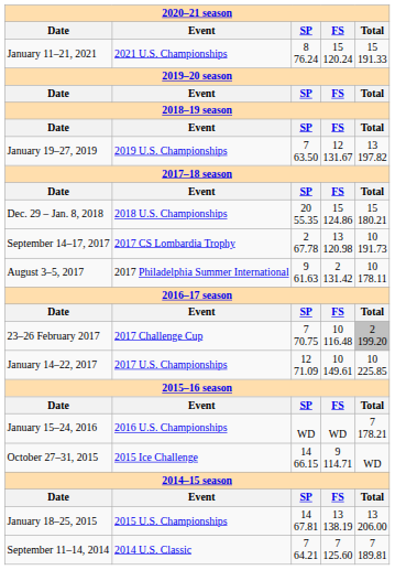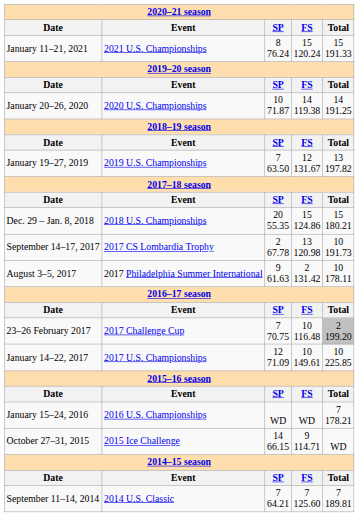 <table class="wikitable">
 <tr>
 <th style="background-color: #ffdead;" colspan=5 align="center"><a href='#'>2020–21 season</a></th>
 </tr>
 <tr>
 <th>Date</th>
 <th>Event</th>
 <th><a href='#'>SP</a></th>
 <th><a href='#'>FS</a></th>
 <th>Total</th>
 </tr>
 <tr>
 <td>January 11–21, 2021</td>
 <td><a href='#'>2021 U.S. Championships</a></td>
 <td align=center>8 <br> 76.24</td>
 <td align=center>15 <br> 120.24</td>
 <td align=center>15 <br> 191.33</td>
 </tr>
 <tr>
 <th style="background-color: #ffdead;" colspan=5 align="center"><a href='#'>2019–20 season</a></th>
 </tr>
 <tr>
 <th>Date</th>
 <th>Event</th>
 <th><a href='#'>SP</a></th>
 <th><a href='#'>FS</a></th>
 <th>Total</th>
+</tr>
+<tr>
+<td>January 20–26, 2020</td>
+<td><a href='#'>2020 U.S. Championships</a></td>
+<td align=center>10 <br> 71.87</td>
+<td align=center>14 <br> 119.38</td>
+<td align=center>14 <br> 191.25</td>
 </tr>
 <tr>
 <th style="background-color: #ffdead;" colspan=5 align="center"><a href='#'>2018–19 season</a></th>
 </tr>
 <tr>
 <th>Date</th>
 <th>Event</th>
 <th><a href='#'>SP</a></th>
 <th><a href='#'>FS</a></th>
 <th>Total</th>
 </tr>
 <tr>
 <td>January 19–27, 2019</td>
 <td><a href='#'>2019 U.S. Championships</a></td>
 <td align=center>7 <br> 63.50</td>
 <td align=center>12 <br> 131.67</td>
 <td align=center>13 <br> 197.82</td>
 </tr>
 <tr>
 <th style="background-color: #ffdead;" colspan=5 align="center"><a href='#'>2017–18 season</a></th>
 </tr>
 <tr>
 <th>Date</th>
 <th>Event</th>
 <th><a href='#'>SP</a></th>
 <th><a href='#'>FS</a></th>
 <th>Total</th>
 </tr>
 <tr>
 <td>Dec. 29 – Jan. 8, 2018</td>
 <td><a href='#'>2018 U.S. Championships</a></td>
 <td align=center>20 <br> 55.35</td>
 <td align=center>15 <br> 124.86</td>
 <td align=center>15 <br> 180.21</td>
 </tr>
 <tr>
 <td>September 14–17, 2017</td>
 <td><a href='#'>2017 CS Lombardia Trophy</a></td>
 <td align=center>2 <br> 67.78</td>
 <td align=center>13 <br> 120.98</td>
 <td align=center>10 <br> 191.73</td>
 </tr>
 <tr>
 <td>August 3–5, 2017</td>
 <td>2017 <a href='#'>Philadelphia Summer International</a></td>
 <td align=center>9 <br> 61.63</td>
 <td align=center>2 <br> 131.42</td>
 <td align="center">10 <br> 178.11</td>
 </tr>
 <tr>
 <th style="background-color: #ffdead;" colspan=5 align="center"><a href='#'>2016–17 season</a></th>
 </tr>
 <tr>
 <th>Date</th>
 <th>Event</th>
 <th><a href='#'>SP</a></th>
 <th><a href='#'>FS</a></th>
 <th>Total</th>
 </tr>
 <tr>
 <td>23–26 February 2017</td>
 <td><a href='#'>2017 Challenge Cup</a></td>
 <td align=center>7 <br> 70.75</td>
 <td align=center>10 <br> 116.48</td>
 <td align=center bgcolor=silver>2 <br> 199.20</td>
 </tr>
 <tr>
 <td>January 14–22, 2017</td>
 <td><a href='#'>2017 U.S. Championships</a></td>
 <td align=center>12 <br> 71.09</td>
 <td align=center>10 <br> 149.61</td>
 <td align=center>10 <br> 225.85</td>
 </tr>
 <tr>
 <th style="background-color: #ffdead;" colspan=5 align="center"><a href='#'>2015–16 season</a></th>
 </tr>
 <tr>
 <th>Date</th>
 <th>Event</th>
 <th><a href='#'>SP</a></th>
 <th><a href='#'>FS</a></th>
 <th>Total</th>
 </tr>
 <tr>
 <td>January 15–24, 2016</td>
 <td><a href='#'>2016 U.S. Championships</a></td>
 <td align=center><br> WD</td>
 <td align=center><br> WD</td>
 <td align=center>7 <br> 178.21</td>
 </tr>
 <tr>
 <td>October 27–31, 2015</td>
 <td><a href='#'>2015 Ice Challenge</a></td>
 <td align=center>14 <br> 66.15</td>
 <td align=center>9 <br> 114.71</td>
 <td align=center><br> WD</td>
 </tr>
 <tr>
 <th style="background-color: #ffdead;" colspan=5 align="center"><a href='#'>2014–15 season</a></th>
 </tr>
 <tr>
 <th>Date</th>
 <th>Event</th>
 <th><a href='#'>SP</a></th>
 <th><a href='#'>FS</a></th>
 <th>Total</th>
 </tr>
 <tr>
-<td>January 18–25, 2015</td>
-<td><a href='#'>2015 U.S. Championships</a></td>
-<td align=center>14 <br> 67.81</td>
-<td align=center>13 <br> 138.19</td>
-<td align="center">13 <br> 206.00</td>
-</tr>
-<tr>
 <td>September 11–14, 2014</td>
 <td><a href='#'>2014 U.S. Classic</a></td>
 <td align=center>7 <br> 64.21</td>
 <td align=center>7 <br> 125.60</td>
 <td align=center>7 <br> 189.81</td>
 </tr>
 </table>
